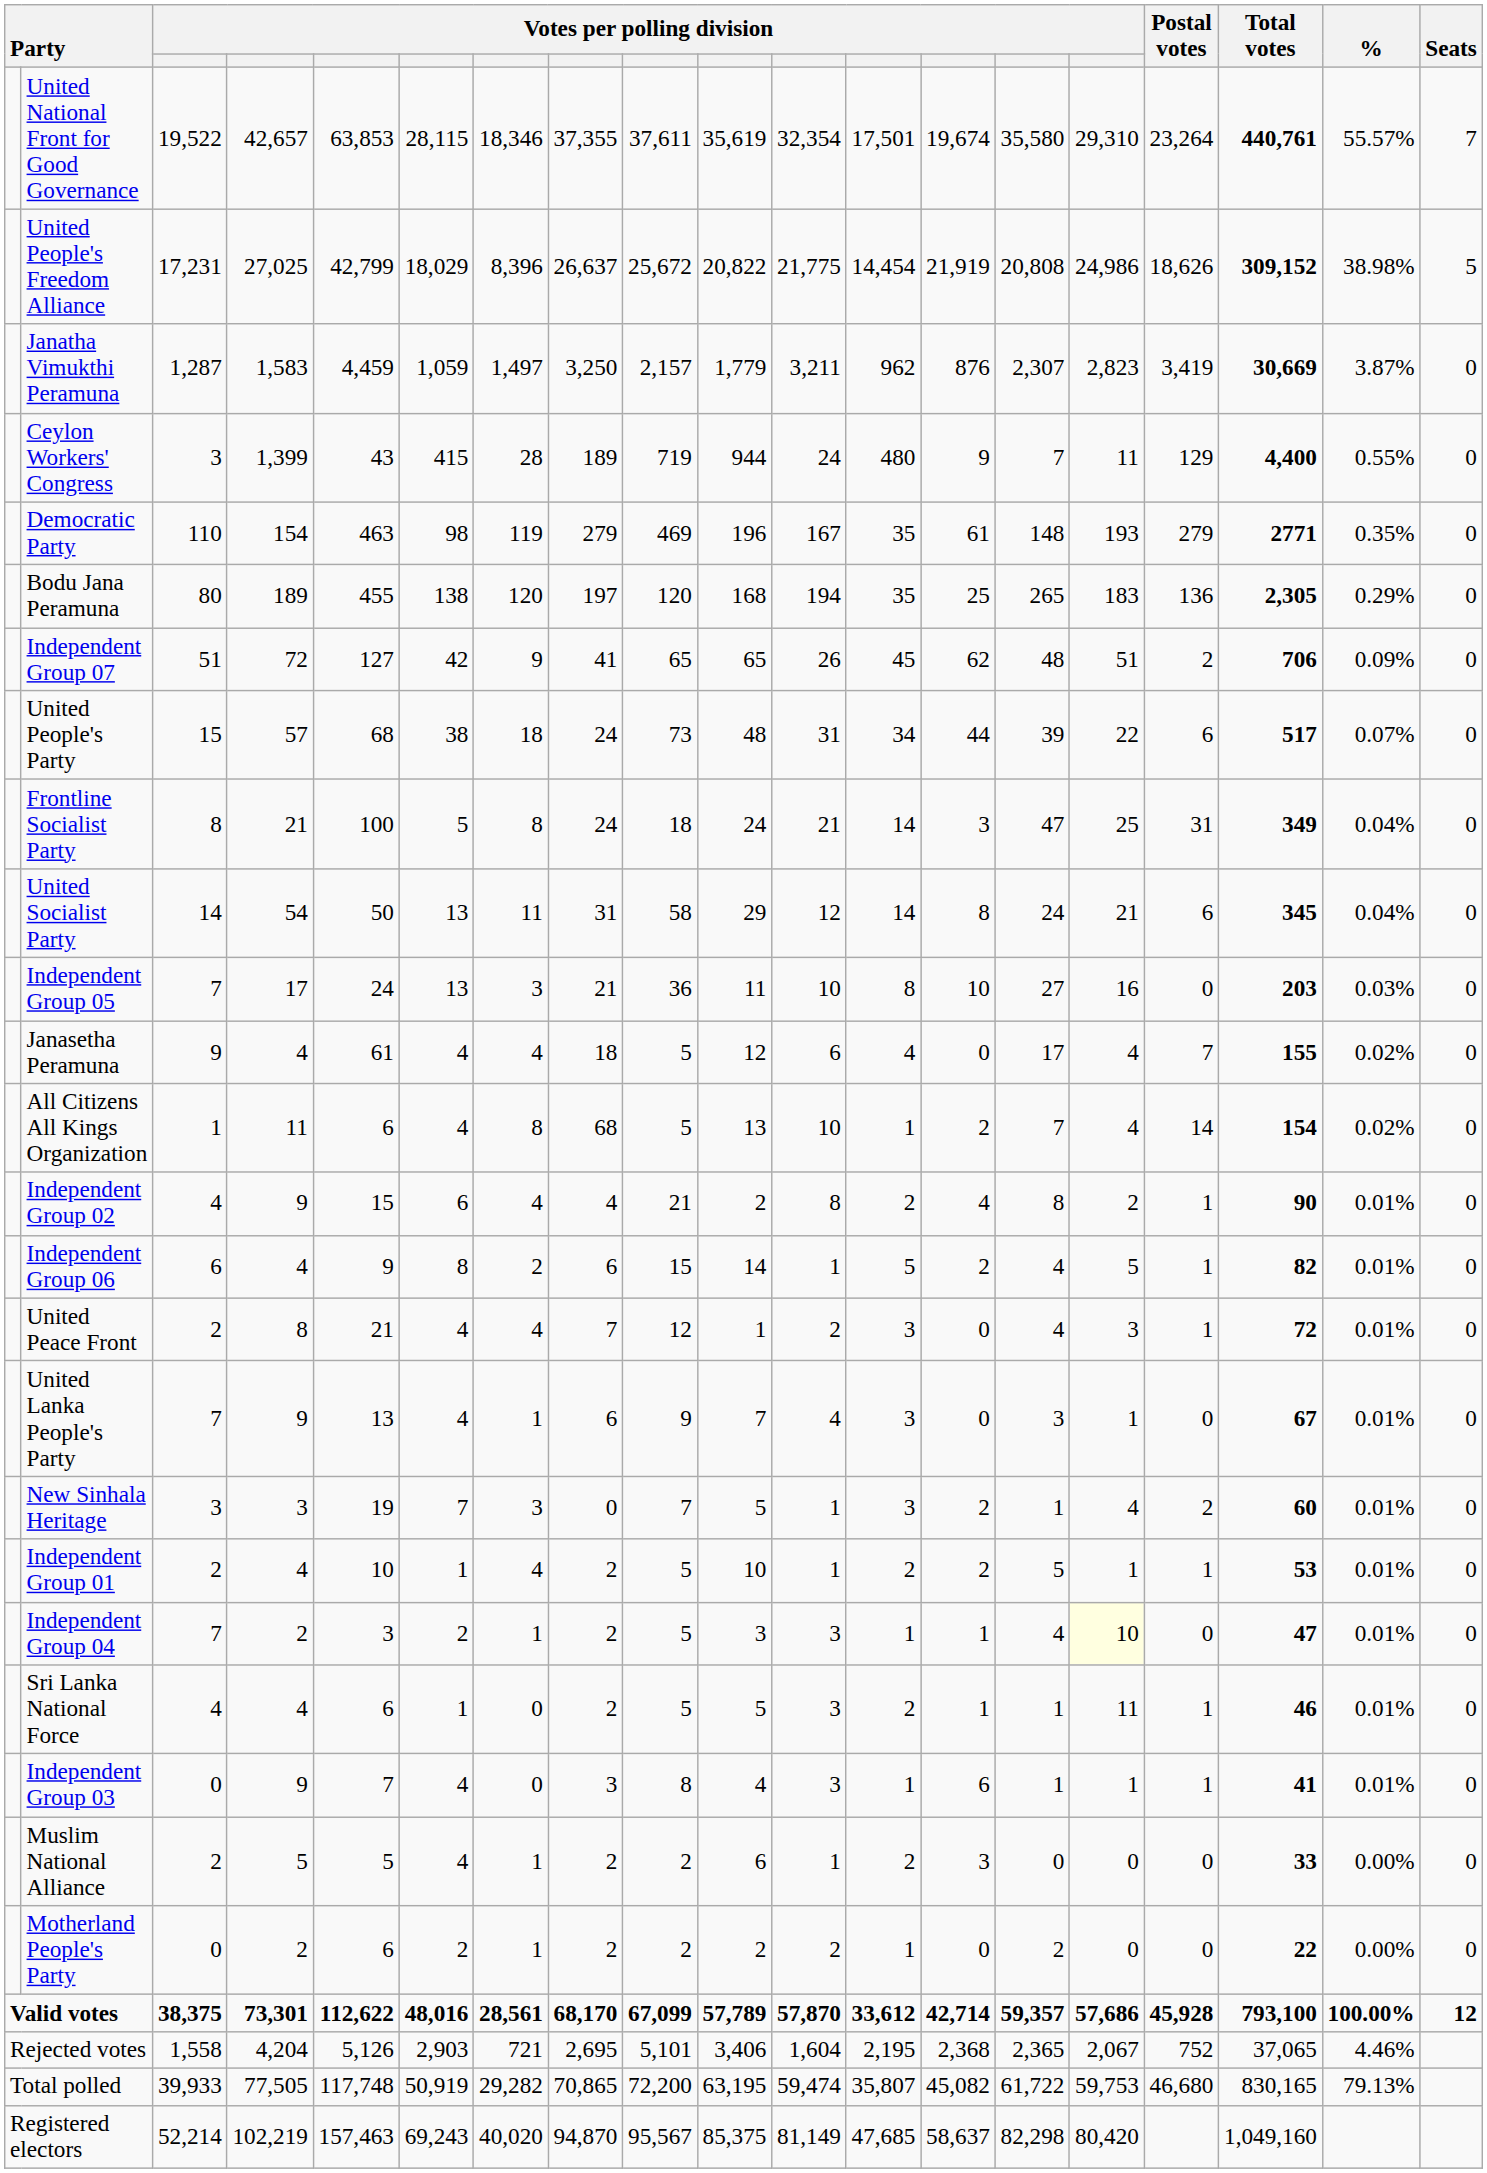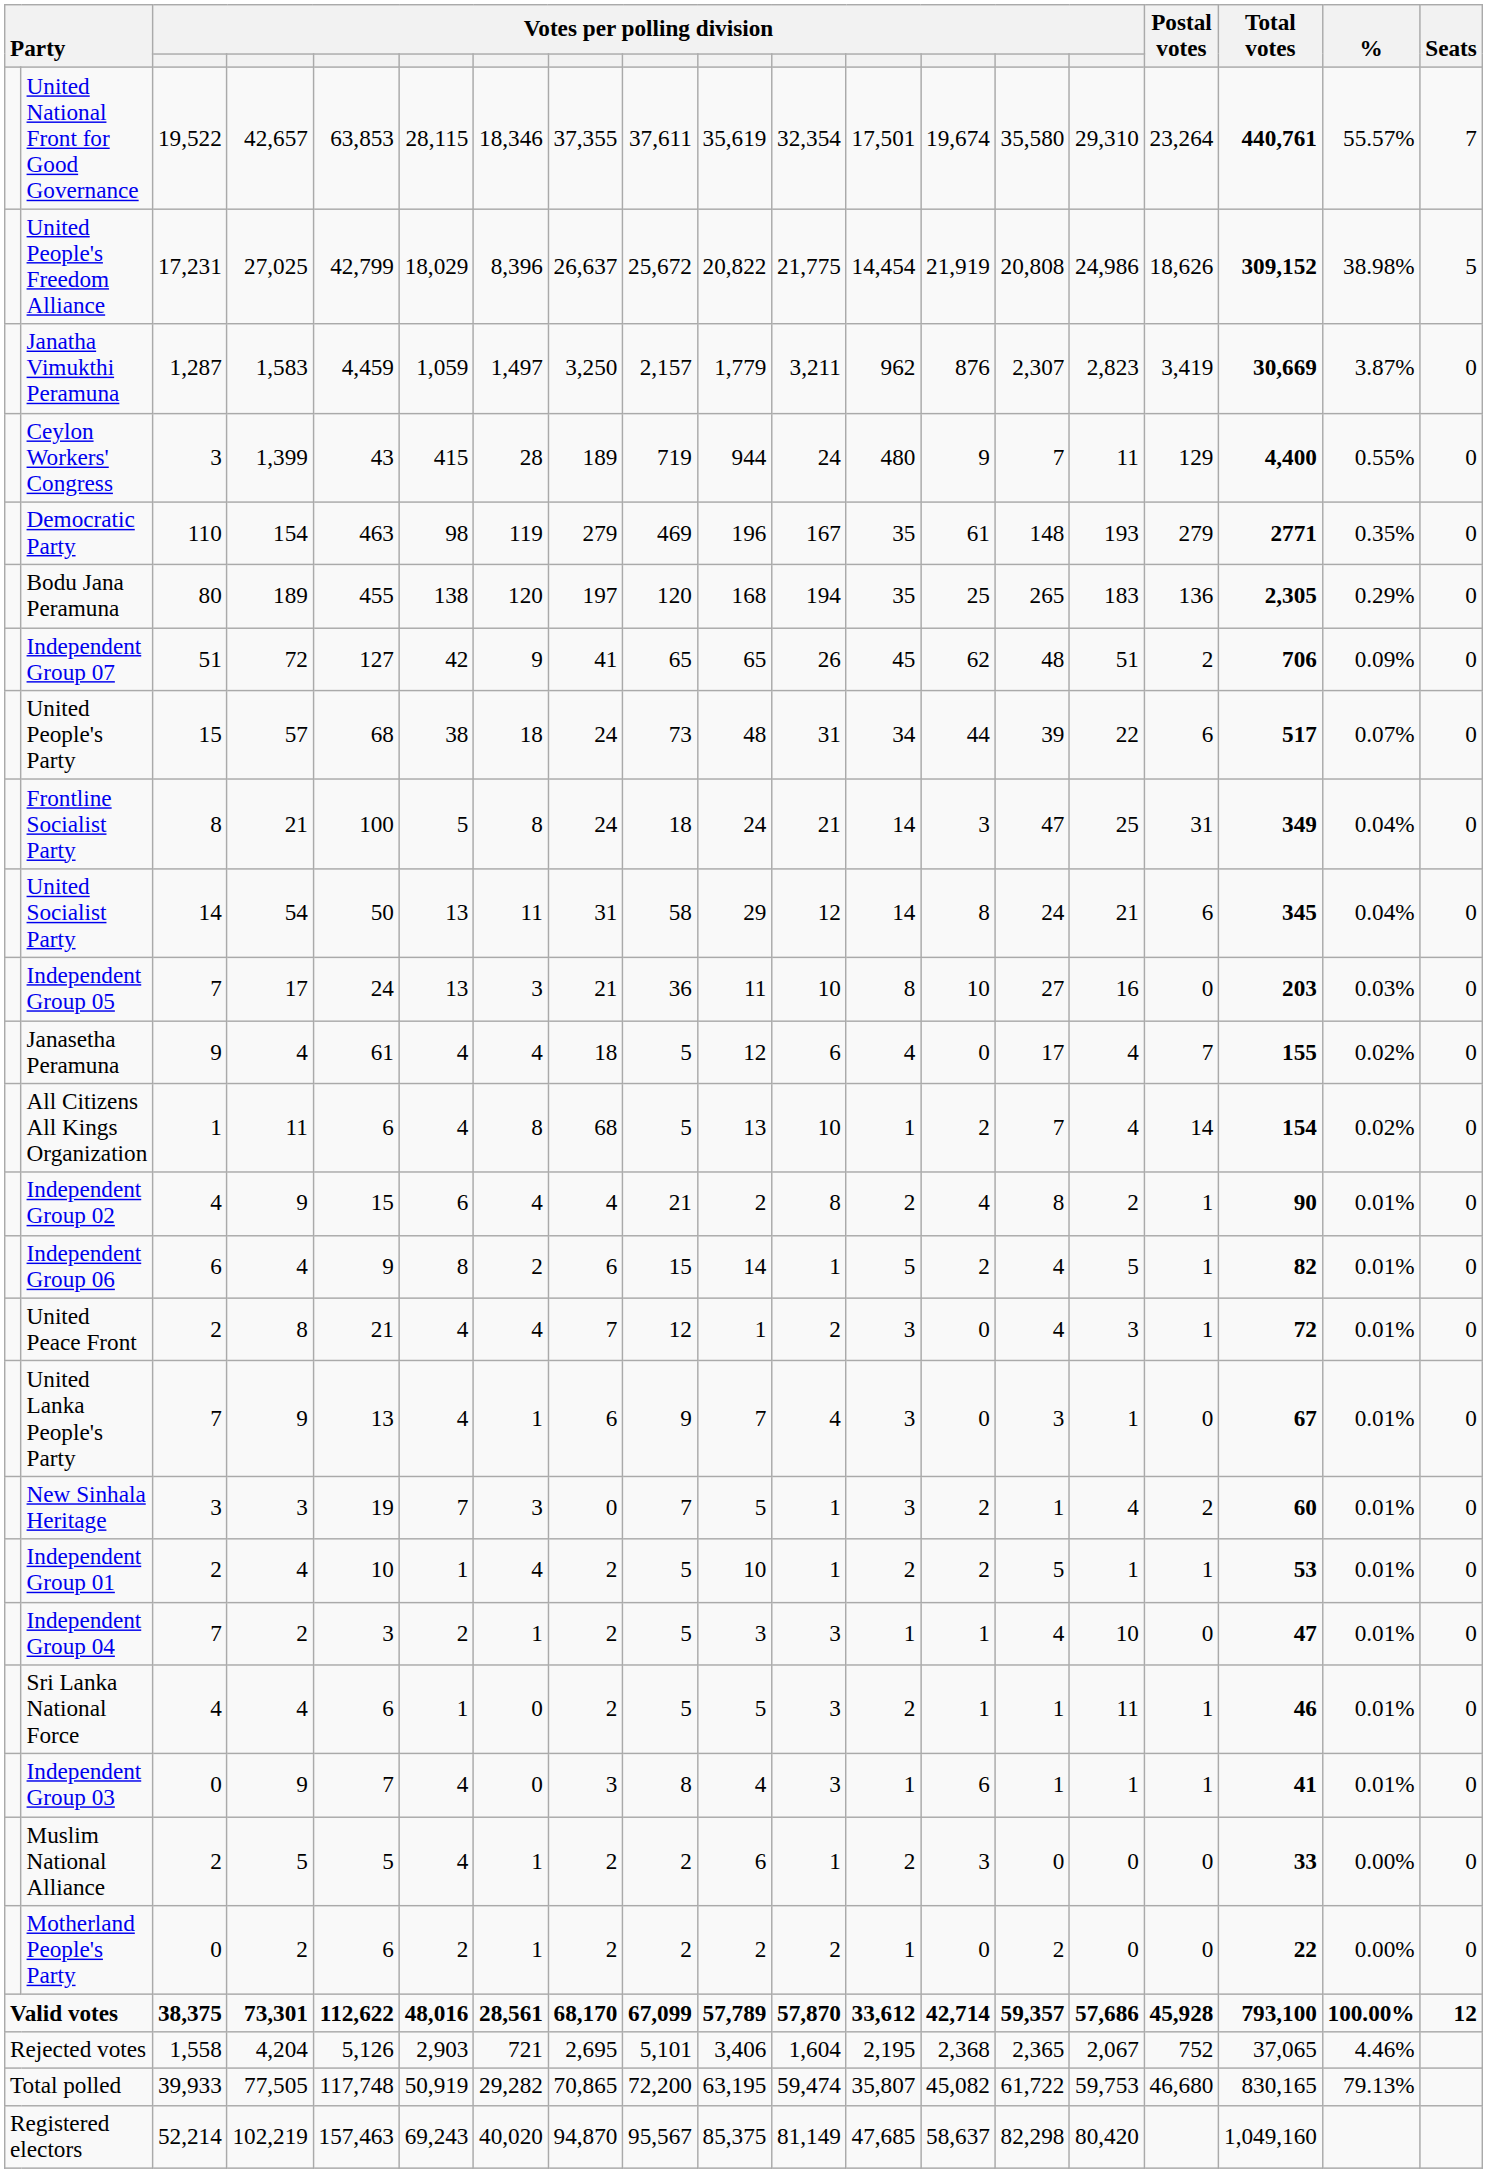 <table class="wikitable" border="1" style="text-align:right;">
 <tr>
 <th style="text-align:left; vertical-align:bottom;" rowspan="2" colspan="2">Party</th>
 <th colspan=13>Votes per polling division</th>
 <th rowspan="2" style="vertical-align:bottom; text-align:center; width:50px;">Postal<br>votes</th>
 <th rowspan="2" style="vertical-align:bottom; text-align:center; width:50px;">Total votes</th>
 <th rowspan="2" style="vertical-align:bottom; text-align:center; width:50px;">%</th>
 <th rowspan="2" style="vertical-align:bottom; text-align:center; width:40px;">Seats</th>
 </tr>
 <tr>
 <th></th>
 <th></th>
 <th></th>
 <th></th>
 <th></th>
 <th></th>
 <th></th>
 <th></th>
 <th></th>
 <th></th>
 <th></th>
 <th></th>
 <th></th>
 </tr>
 <tr>
 <td bgcolor=> </td>
 <td align=left><a href='#'>United National Front for Good Governance</a></td>
 <td>19,522</td>
 <td>42,657</td>
 <td>63,853</td>
 <td>28,115</td>
 <td>18,346</td>
 <td>37,355</td>
 <td>37,611</td>
 <td>35,619</td>
 <td>32,354</td>
 <td>17,501</td>
 <td>19,674</td>
 <td>35,580</td>
 <td>29,310</td>
 <td>23,264</td>
 <td><strong>440,761</strong></td>
 <td>55.57%</td>
 <td>7</td>
 </tr>
 <tr>
 <td bgcolor=> </td>
 <td align=left><a href='#'>United People's Freedom Alliance</a></td>
 <td>17,231</td>
 <td>27,025</td>
 <td>42,799</td>
 <td>18,029</td>
 <td>8,396</td>
 <td>26,637</td>
 <td>25,672</td>
 <td>20,822</td>
 <td>21,775</td>
 <td>14,454</td>
 <td>21,919</td>
 <td>20,808</td>
 <td>24,986</td>
 <td>18,626</td>
 <td><strong>309,152</strong></td>
 <td>38.98%</td>
 <td>5</td>
 </tr>
 <tr>
 <td bgcolor=> </td>
 <td align=left><a href='#'>Janatha Vimukthi Peramuna</a></td>
 <td>1,287</td>
 <td>1,583</td>
 <td>4,459</td>
 <td>1,059</td>
 <td>1,497</td>
 <td>3,250</td>
 <td>2,157</td>
 <td>1,779</td>
 <td>3,211</td>
 <td>962</td>
 <td>876</td>
 <td>2,307</td>
 <td>2,823</td>
 <td>3,419</td>
 <td><strong>30,669</strong></td>
 <td>3.87%</td>
 <td>0</td>
 </tr>
 <tr>
 <td bgcolor=> </td>
 <td align=left><a href='#'>Ceylon Workers' Congress</a></td>
 <td>3</td>
 <td>1,399</td>
 <td>43</td>
 <td>415</td>
 <td>28</td>
 <td>189</td>
 <td>719</td>
 <td>944</td>
 <td>24</td>
 <td>480</td>
 <td>9</td>
 <td>7</td>
 <td>11</td>
 <td>129</td>
 <td><strong>4,400</strong></td>
 <td>0.55%</td>
 <td>0</td>
 </tr>
 <tr>
 <td bgcolor=> </td>
 <td align=left><a href='#'>Democratic Party</a></td>
 <td>110</td>
 <td>154</td>
 <td>463</td>
 <td>98</td>
 <td>119</td>
 <td>279</td>
 <td>469</td>
 <td>196</td>
 <td>167</td>
 <td>35</td>
 <td>61</td>
 <td>148</td>
 <td>193</td>
 <td>279</td>
 <td><strong>2771</strong></td>
 <td>0.35%</td>
 <td>0</td>
 </tr>
 <tr>
 <td bgcolor=> </td>
 <td align=left>Bodu Jana Peramuna</td>
 <td>80</td>
 <td>189</td>
 <td>455</td>
 <td>138</td>
 <td>120</td>
 <td>197</td>
 <td>120</td>
 <td>168</td>
 <td>194</td>
 <td>35</td>
 <td>25</td>
 <td>265</td>
 <td>183</td>
 <td>136</td>
 <td><strong>2,305</strong></td>
 <td>0.29%</td>
 <td>0</td>
 </tr>
 <tr>
 <td bgcolor=> </td>
 <td align=left><a href='#'>Independent Group 07</a></td>
 <td>51</td>
 <td>72</td>
 <td>127</td>
 <td>42</td>
 <td>9</td>
 <td>41</td>
 <td>65</td>
 <td>65</td>
 <td>26</td>
 <td>45</td>
 <td>62</td>
 <td>48</td>
 <td>51</td>
 <td>2</td>
 <td><strong>706</strong></td>
 <td>0.09%</td>
 <td>0</td>
 </tr>
 <tr>
 <td bgcolor=> </td>
 <td align=left>United People's Party</td>
 <td>15</td>
 <td>57</td>
 <td>68</td>
 <td>38</td>
 <td>18</td>
 <td>24</td>
 <td>73</td>
 <td>48</td>
 <td>31</td>
 <td>34</td>
 <td>44</td>
 <td>39</td>
 <td>22</td>
 <td>6</td>
 <td><strong>517</strong></td>
 <td>0.07%</td>
 <td>0</td>
 </tr>
 <tr>
 <td bgcolor=> </td>
 <td align=left><a href='#'>Frontline Socialist Party</a></td>
 <td>8</td>
 <td>21</td>
 <td>100</td>
 <td>5</td>
 <td>8</td>
 <td>24</td>
 <td>18</td>
 <td>24</td>
 <td>21</td>
 <td>14</td>
 <td>3</td>
 <td>47</td>
 <td>25</td>
 <td>31</td>
 <td><strong>349</strong></td>
 <td>0.04%</td>
 <td>0</td>
 </tr>
 <tr>
 <td bgcolor=> </td>
 <td align=left><a href='#'>United Socialist Party</a></td>
 <td>14</td>
 <td>54</td>
 <td>50</td>
 <td>13</td>
 <td>11</td>
 <td>31</td>
 <td>58</td>
 <td>29</td>
 <td>12</td>
 <td>14</td>
 <td>8</td>
 <td>24</td>
 <td>21</td>
 <td>6</td>
 <td><strong>345</strong></td>
 <td>0.04%</td>
 <td>0</td>
 </tr>
 <tr>
 <td bgcolor=> </td>
 <td align=left><a href='#'>Independent Group 05</a></td>
 <td>7</td>
 <td>17</td>
 <td>24</td>
 <td>13</td>
 <td>3</td>
 <td>21</td>
 <td>36</td>
 <td>11</td>
 <td>10</td>
 <td>8</td>
 <td>10</td>
 <td>27</td>
 <td>16</td>
 <td>0</td>
 <td><strong>203</strong></td>
 <td>0.03%</td>
 <td>0</td>
 </tr>
 <tr>
 <td bgcolor=> </td>
 <td align=left>Janasetha Peramuna</td>
 <td>9</td>
 <td>4</td>
 <td>61</td>
 <td>4</td>
 <td>4</td>
 <td>18</td>
 <td>5</td>
 <td>12</td>
 <td>6</td>
 <td>4</td>
 <td>0</td>
 <td>17</td>
 <td>4</td>
 <td>7</td>
 <td><strong>155</strong></td>
 <td>0.02%</td>
 <td>0</td>
 </tr>
 <tr>
 <td bgcolor=> </td>
 <td align=left>All Citizens All Kings Organization</td>
 <td>1</td>
 <td>11</td>
 <td>6</td>
 <td>4</td>
 <td>8</td>
 <td>68</td>
 <td>5</td>
 <td>13</td>
 <td>10</td>
 <td>1</td>
 <td>2</td>
 <td>7</td>
 <td>4</td>
 <td>14</td>
 <td><strong>154</strong></td>
 <td>0.02%</td>
 <td>0</td>
 </tr>
 <tr>
 <td bgcolor=> </td>
 <td align=left><a href='#'>Independent Group 02</a></td>
 <td>4</td>
 <td>9</td>
 <td>15</td>
 <td>6</td>
 <td>4</td>
 <td>4</td>
 <td>21</td>
 <td>2</td>
 <td>8</td>
 <td>2</td>
 <td>4</td>
 <td>8</td>
 <td>2</td>
 <td>1</td>
 <td><strong>90</strong></td>
 <td>0.01%</td>
 <td>0</td>
 </tr>
 <tr>
 <td bgcolor=> </td>
 <td align=left><a href='#'>Independent Group 06</a></td>
 <td>6</td>
 <td>4</td>
 <td>9</td>
 <td>8</td>
 <td>2</td>
 <td>6</td>
 <td>15</td>
 <td>14</td>
 <td>1</td>
 <td>5</td>
 <td>2</td>
 <td>4</td>
 <td>5</td>
 <td>1</td>
 <td><strong>82</strong></td>
 <td>0.01%</td>
 <td>0</td>
 </tr>
 <tr>
 <td bgcolor=> </td>
 <td align=left>United Peace Front</td>
 <td>2</td>
 <td>8</td>
 <td>21</td>
 <td>4</td>
 <td>4</td>
 <td>7</td>
 <td>12</td>
 <td>1</td>
 <td>2</td>
 <td>3</td>
 <td>0</td>
 <td>4</td>
 <td>3</td>
 <td>1</td>
 <td><strong>72</strong></td>
 <td>0.01%</td>
 <td>0</td>
 </tr>
 <tr>
 <td bgcolor=> </td>
 <td align=left>United Lanka People's Party</td>
 <td>7</td>
 <td>9</td>
 <td>13</td>
 <td>4</td>
 <td>1</td>
 <td>6</td>
 <td>9</td>
 <td>7</td>
 <td>4</td>
 <td>3</td>
 <td>0</td>
 <td>3</td>
 <td>1</td>
 <td>0</td>
 <td><strong>67</strong></td>
 <td>0.01%</td>
 <td>0</td>
 </tr>
 <tr>
 <td bgcolor=> </td>
 <td align=left><a href='#'>New Sinhala Heritage</a></td>
 <td>3</td>
 <td>3</td>
 <td>19</td>
 <td>7</td>
 <td>3</td>
 <td>0</td>
 <td>7</td>
 <td>5</td>
 <td>1</td>
 <td>3</td>
 <td>2</td>
 <td>1</td>
 <td>4</td>
 <td>2</td>
 <td><strong>60</strong></td>
 <td>0.01%</td>
 <td>0</td>
 </tr>
 <tr>
 <td bgcolor=> </td>
 <td align=left><a href='#'>Independent Group 01</a></td>
 <td>2</td>
 <td>4</td>
 <td>10</td>
 <td>1</td>
 <td>4</td>
 <td>2</td>
 <td>5</td>
 <td>10</td>
 <td>1</td>
 <td>2</td>
 <td>2</td>
 <td>5</td>
 <td>1</td>
 <td>1</td>
 <td><strong>53</strong></td>
 <td>0.01%</td>
 <td>0</td>
 </tr>
 <tr>
 <td bgcolor=> </td>
 <td align=left><a href='#'>Independent Group 04</a></td>
 <td>7</td>
 <td>2</td>
 <td>3</td>
 <td>2</td>
 <td>1</td>
 <td>2</td>
 <td>5</td>
 <td>3</td>
 <td>3</td>
 <td>1</td>
 <td>1</td>
 <td>4</td>
-<td style="background: lightyellow;">10</td>
+<td>10</td>
 <td>0</td>
 <td><strong>47</strong></td>
 <td>0.01%</td>
 <td>0</td>
 </tr>
 <tr>
 <td bgcolor=> </td>
 <td align=left>Sri Lanka National Force</td>
 <td>4</td>
 <td>4</td>
 <td>6</td>
 <td>1</td>
 <td>0</td>
 <td>2</td>
 <td>5</td>
 <td>5</td>
 <td>3</td>
 <td>2</td>
 <td>1</td>
 <td>1</td>
 <td>11</td>
 <td>1</td>
 <td><strong>46</strong></td>
 <td>0.01%</td>
 <td>0</td>
 </tr>
 <tr>
 <td bgcolor=> </td>
 <td align=left><a href='#'>Independent Group 03</a></td>
 <td>0</td>
 <td>9</td>
 <td>7</td>
 <td>4</td>
 <td>0</td>
 <td>3</td>
 <td>8</td>
 <td>4</td>
 <td>3</td>
 <td>1</td>
 <td>6</td>
 <td>1</td>
 <td>1</td>
 <td>1</td>
 <td><strong>41</strong></td>
 <td>0.01%</td>
 <td>0</td>
 </tr>
 <tr>
 <td bgcolor=> </td>
 <td align=left>Muslim National Alliance</td>
 <td>2</td>
 <td>5</td>
 <td>5</td>
 <td>4</td>
 <td>1</td>
 <td>2</td>
 <td>2</td>
 <td>6</td>
 <td>1</td>
 <td>2</td>
 <td>3</td>
 <td>0</td>
 <td>0</td>
 <td>0</td>
 <td><strong>33</strong></td>
 <td>0.00%</td>
 <td>0</td>
 </tr>
 <tr>
 <td bgcolor=> </td>
 <td align=left><a href='#'>Motherland People's Party</a></td>
 <td>0</td>
 <td>2</td>
 <td>6</td>
 <td>2</td>
 <td>1</td>
 <td>2</td>
 <td>2</td>
 <td>2</td>
 <td>2</td>
 <td>1</td>
 <td>0</td>
 <td>2</td>
 <td>0</td>
 <td>0</td>
 <td><strong>22</strong></td>
 <td>0.00%</td>
 <td>0</td>
 </tr>
 <tr>
 <td align=left colspan=2><strong>Valid votes</strong></td>
 <td><strong>38,375</strong></td>
 <td><strong>73,301</strong></td>
 <td><strong>112,622</strong></td>
 <td><strong>48,016</strong></td>
 <td><strong>28,561</strong></td>
 <td><strong>68,170</strong></td>
 <td><strong>67,099</strong></td>
 <td><strong>57,789</strong></td>
 <td><strong>57,870</strong></td>
 <td><strong>33,612</strong></td>
 <td><strong>42,714</strong></td>
 <td><strong>59,357</strong></td>
 <td><strong>57,686</strong></td>
 <td><strong>45,928</strong></td>
 <td><strong>793,100</strong></td>
 <td><strong>100.00%</strong></td>
 <td><strong>12</strong></td>
 </tr>
 <tr>
 <td align=left colspan=2>Rejected votes</td>
 <td>1,558</td>
 <td>4,204</td>
 <td>5,126</td>
 <td>2,903</td>
 <td>721</td>
 <td>2,695</td>
 <td>5,101</td>
 <td>3,406</td>
 <td>1,604</td>
 <td>2,195</td>
 <td>2,368</td>
 <td>2,365</td>
 <td>2,067</td>
 <td>752</td>
 <td>37,065</td>
 <td>4.46%</td>
 <td></td>
 </tr>
 <tr>
 <td align=left colspan=2>Total polled</td>
 <td>39,933</td>
 <td>77,505</td>
 <td>117,748</td>
 <td>50,919</td>
 <td>29,282</td>
 <td>70,865</td>
 <td>72,200</td>
 <td>63,195</td>
 <td>59,474</td>
 <td>35,807</td>
 <td>45,082</td>
 <td>61,722</td>
 <td>59,753</td>
 <td>46,680</td>
 <td>830,165</td>
 <td>79.13%</td>
 <td></td>
 </tr>
 <tr>
 <td align=left colspan=2>Registered electors</td>
 <td>52,214</td>
 <td>102,219</td>
 <td>157,463</td>
 <td>69,243</td>
 <td>40,020</td>
 <td>94,870</td>
 <td>95,567</td>
 <td>85,375</td>
 <td>81,149</td>
 <td>47,685</td>
 <td>58,637</td>
 <td>82,298</td>
 <td>80,420</td>
 <td></td>
 <td>1,049,160</td>
 <td></td>
 <td></td>
 </tr>
 </table>
